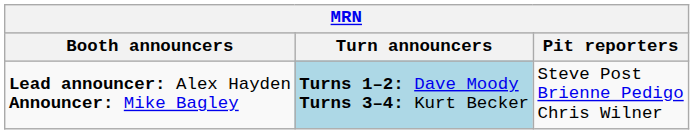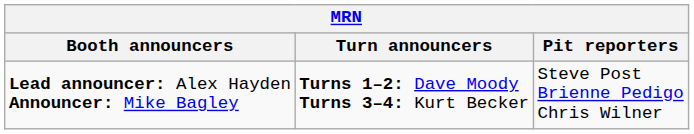 <table class="wikitable" style="font-size: 95%">
 <tr>
 <th colspan="3"><a href='#'>MRN</a></th>
 </tr>
 <tr>
 <th>Booth announcers</th>
 <th>Turn announcers</th>
 <th>Pit reporters</th>
 </tr>
 <tr>
 <td><strong>Lead announcer:</strong> Alex Hayden<br><strong>Announcer:</strong> <a href='#'>Mike Bagley</a></td>
-<td style="background: lightblue;"><strong>Turns 1–2:</strong> <a href='#'>Dave Moody</a><br><strong>Turns 3–4:</strong> Kurt Becker</td>
+<td><strong>Turns 1–2:</strong> <a href='#'>Dave Moody</a><br><strong>Turns 3–4:</strong> Kurt Becker</td>
 <td>Steve Post<br><a href='#'>Brienne Pedigo</a><br>Chris Wilner</td>
 </tr>
 </table>
